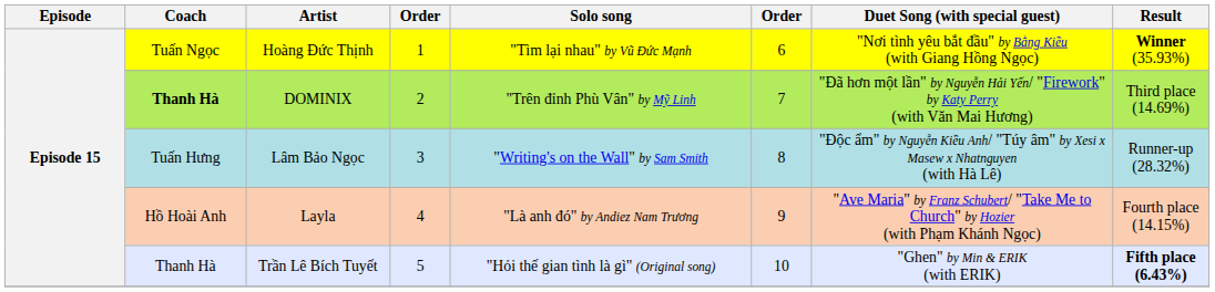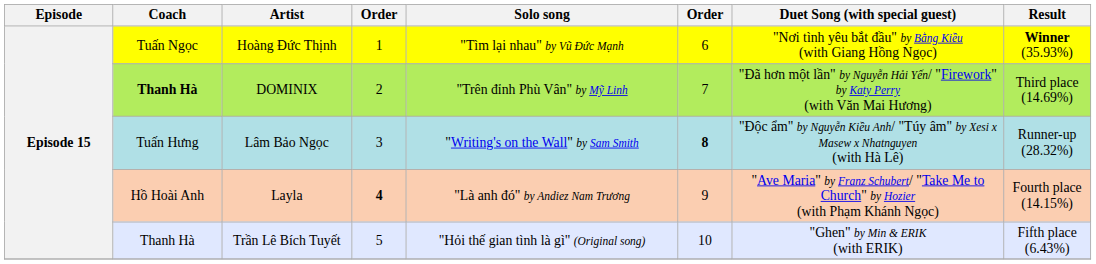 <table class="wikitable" style="text-align:center; width:100%;">
 <tr>
 <th style="width:10%;">Episode</th>
 <th style="width:10%;">Coach</th>
 <th style="width:12%;">Artist</th>
 <th style="width:05%;">Order</th>
 <th style="width:25%;">Solo song</th>
 <th style="width:05%;">Order</th>
 <th style="width:25%;">Duet Song (with special guest)</th>
 <th style="width:08%;">Result</th>
 </tr>
 <tr>
 <th rowspan="5" scope="row">Episode 15<br><small></small></th>
 <td style="background:yellow;">Tuấn Ngọc</td>
 <td style="background:yellow;">Hoàng Đức Thịnh</td>
 <td style="background:yellow;">1</td>
 <td style="background:yellow;">"Tìm lại nhau" <small><em>by Vũ Đức Mạnh</em></small></td>
 <td style="background:yellow;">6</td>
 <td style="background:yellow;">"Nơi tình yêu bắt đầu" <small><em>by <a href='#'>Bằng Kiều</a></em></small><br>(with Giang Hồng Ngọc)</td>
 <td style="background:yellow;"><strong>Winner</strong> (35.93%)</td>
 </tr>
 <tr>
 <td style="background:#B2EC5D;"><strong>Thanh Hà</strong></td>
 <td style="background:#B2EC5D;">DOMINIX</td>
 <td style="background:#B2EC5D;">2</td>
 <td style="background:#B2EC5D;">"Trên đỉnh Phù Vân" <small><em>by <a href='#'>Mỹ Linh</a></em></small></td>
 <td style="background:#B2EC5D;">7</td>
 <td style="background:#B2EC5D;">"Đã hơn một lần" <small><em>by Nguyễn Hải Yến</em></small>/ "<a href='#'>Firework</a>" <small><em>by <a href='#'>Katy Perry</a></em></small><br>(with Văn Mai Hương)</td>
 <td style="background:#B2EC5D;">Third place (14.69%)</td>
 </tr>
 <tr>
 <td style="background:#B0E0E6;">Tuấn Hưng</td>
 <td style="background:#B0E0E6;">Lâm Bảo Ngọc</td>
 <td style="background:#B0E0E6;">3</td>
 <td style="background:#B0E0E6;">"<a href='#'>Writing's on the Wall</a>" <small><em>by <a href='#'>Sam Smith</a></em></small></td>
-<td style="background:#B0E0E6;">8</td>
+<td style="background:#B0E0E6;"><strong>8</strong></td>
 <td style="background:#B0E0E6;">"Độc ẩm" <small><em>by Nguyễn Kiều Anh</em></small>/ "Túy âm" <small><em>by Xesi x Masew x Nhatnguyen</em></small><br>(with Hà Lê)</td>
 <td style="background:#B0E0E6;">Runner-up (28.32%)</td>
 </tr>
 <tr>
 <td style="background:#FBCEB1;">Hồ Hoài Anh</td>
 <td style="background:#FBCEB1;">Layla</td>
-<td style="background:#FBCEB1;">4</td>
+<td style="background:#FBCEB1;"><strong>4</strong></td>
 <td style="background:#FBCEB1;">"Là anh đó" <small><em>by Andiez Nam Trương</em></small></td>
 <td style="background:#FBCEB1;">9</td>
 <td style="background:#FBCEB1;">"<a href='#'>Ave Maria</a>" <small><em>by <a href='#'>Franz Schubert</a></em></small>/ "<a href='#'>Take Me to Church</a>" <small><em>by <a href='#'>Hozier</a></em></small><br>(with Phạm Khánh Ngọc)</td>
 <td style="background:#FBCEB1;">Fourth place (14.15%)</td>
 </tr>
 <tr>
 <td style="background:#E0E8FF;">Thanh Hà</td>
 <td style="background:#E0E8FF;">Trần Lê Bích Tuyết</td>
 <td style="background:#E0E8FF;">5</td>
 <td style="background:#E0E8FF;">"Hỏi thế gian tình là gì" <small><em>(Original song)</em></small></td>
 <td style="background:#E0E8FF;">10</td>
 <td style="background:#E0E8FF;">"Ghen" <small><em>by Min & ERIK</em></small><br>(with ERIK)</td>
-<td style="background:#E0E8FF;"><strong>Fifth place (6.43%)</strong></td>
+<td style="background:#E0E8FF;">Fifth place (6.43%)</td>
 </tr>
 <tr>
 </tr>
 </table>
